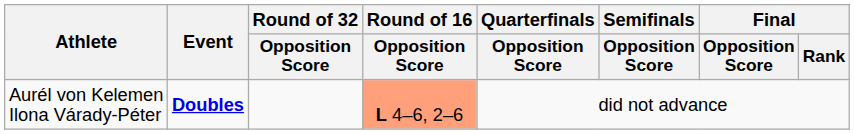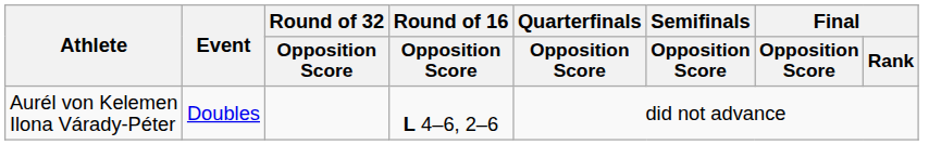 <table class=wikitable style="font-size:90%">
 <tr>
 <th rowspan=2>Athlete</th>
 <th rowspan=2>Event</th>
 <th>Round of 32</th>
 <th>Round of 16</th>
 <th>Quarterfinals</th>
 <th>Semifinals</th>
 <th colspan=2>Final</th>
 </tr>
 <tr style="font-size:95%">
 <th>Opposition<br>Score</th>
 <th>Opposition<br>Score</th>
 <th>Opposition<br>Score</th>
 <th>Opposition<br>Score</th>
 <th>Opposition<br>Score</th>
 <th>Rank</th>
 </tr>
 <tr align=center>
 <td align=left>Aurél von Kelemen <br> Ilona Várady-Péter</td>
-<td align=left><strong><a href='#'>Doubles</a></strong></td>
+<td align=left><a href='#'>Doubles</a></td>
 <td></td>
-<td style="background: lightsalmon;"> <br> <strong>L</strong> 4–6, 2–6</td>
+<td> <br> <strong>L</strong> 4–6, 2–6</td>
 <td colspan=4>did not advance</td>
 </tr>
 </table>
